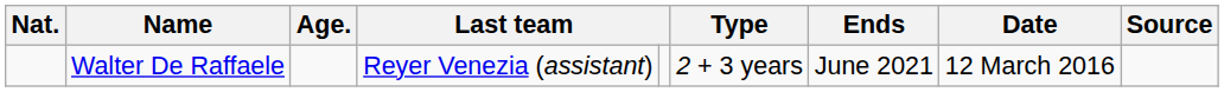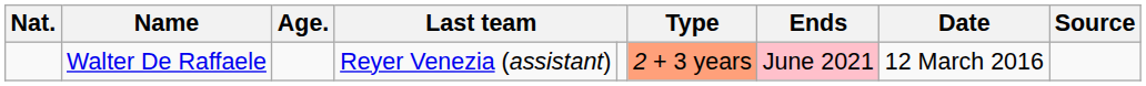 <table class="wikitable sortable" style="text-align:center;">
 <tr>
 <th>Nat.</th>
 <th>Name</th>
 <th>Age.</th>
 <th colspan=2>Last team</th>
 <th>Type</th>
 <th>Ends</th>
 <th>Date</th>
 <th>Source</th>
 </tr>
 <tr>
 <td></td>
 <td style="text-align:left;"><a href='#'>Walter De Raffaele</a></td>
 <td></td>
 <td style="text-align:left;"><a href='#'>Reyer Venezia</a> (<em>assistant</em>)</td>
 <td></td>
-<td><em>2</em> + 3 years</td>
-<td>June 2021</td>
+<td style="background: lightsalmon;"><em>2</em> + 3 years</td>
+<td style="background: pink;">June 2021</td>
 <td>12 March 2016</td>
 <td></td>
 </tr>
 </table>
